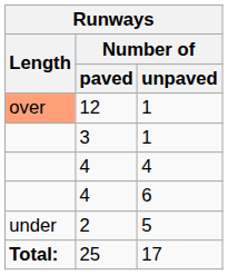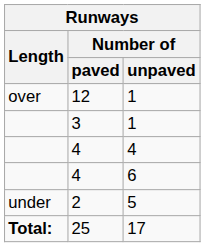 <table class="wikitable">
 <tr>
 <th colspan="3">Runways</th>
 </tr>
 <tr>
 <th rowspan="2">Length</th>
 <th colspan="2">Number of</th>
 </tr>
 <tr>
 <th>paved</th>
 <th>unpaved</th>
 </tr>
 <tr>
-<td style="background: lightsalmon;">over </td>
+<td>over </td>
 <td>12</td>
 <td>1</td>
 </tr>
 <tr>
 <td></td>
 <td>3</td>
 <td>1</td>
 </tr>
 <tr>
 <td></td>
 <td>4</td>
 <td>4</td>
 </tr>
 <tr>
 <td></td>
 <td>4</td>
 <td>6</td>
 </tr>
 <tr>
 <td>under </td>
 <td>2</td>
 <td>5</td>
 </tr>
 <tr>
 <td><strong>Total:</strong></td>
 <td>25</td>
 <td>17</td>
 </tr>
 </table>
